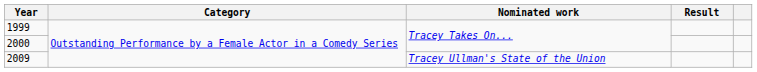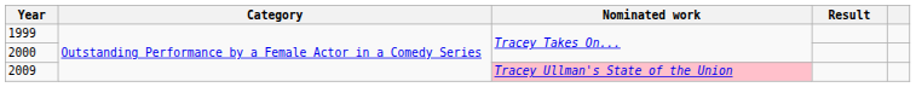 <table width="80%" class="wikitable">
 <tr>
 <th width="10">Year</th>
 <th width="300">Category</th>
 <th width="220">Nominated work</th>
 <th width="30">Result</th>
 <th width="10"></th>
 </tr>
 <tr>
 <td>1999</td>
 <td rowspan="3"><a href='#'>Outstanding Performance by a Female Actor in a Comedy Series</a></td>
 <td rowspan="2"><em><a href='#'>Tracey Takes On...</a></em></td>
 <td></td>
 <td></td>
 </tr>
 <tr>
 <td>2000</td>
 <td></td>
 <td></td>
 </tr>
 <tr>
 <td>2009</td>
-<td><em><a href='#'>Tracey Ullman's State of the Union</a></em></td>
+<td style="background: pink;"><em><a href='#'>Tracey Ullman's State of the Union</a></em></td>
 <td></td>
 <td></td>
 </tr>
 </table>
